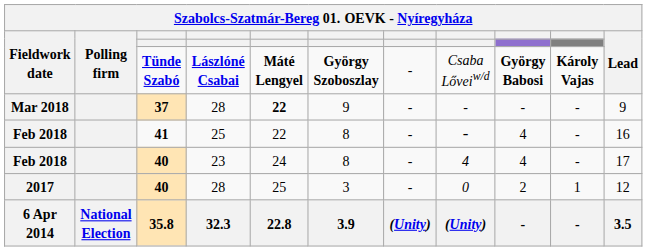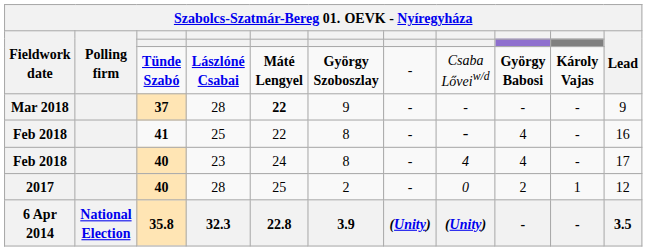 <table class="wikitable mw-collapsible mw-collapsed" style="text-align:center">
 <tr>
 <th colspan="11" style="width: 980pt;"><small><a href='#'>Szabolcs-Szatmár-Bereg</a> 01.</small> <small>OEVK - <a href='#'>Nyíregyháza</a></small></th>
 </tr>
 <tr>
 <th rowspan="3" style="width: 80pt;"><small>Fieldwork</small> <small>date</small></th>
 <th rowspan="3" style="width: 80pt;"><strong><small>Polling</small> <small>firm</small></strong></th>
 <th style="width: 100pt;"><small></small></th>
 <th style="width: 100pt;"><small> </small></th>
 <th style="width: 100pt;"></th>
 <th style="width: 100pt;"></th>
 <th style="width: 100pt;"></th>
 <th style="width: 100pt;"></th>
 <th style="width: 100pt;"></th>
 <th style="width: 100pt;"></th>
 <th rowspan="3" style="width: 20pt;"><small>Lead</small></th>
 </tr>
 <tr>
 <th style="color:inherit;background:"></th>
 <th style="color:inherit;background:"></th>
 <th style="color:inherit;background:"></th>
 <th style="color:inherit;background:"></th>
 <th style="color:inherit;background:"></th>
 <th style="color:inherit;background:"></th>
 <th style="color:inherit;background:#8E6FCE;"></th>
 <th style="color:inherit;background:#808080;"></th>
 </tr>
 <tr>
 <td><small><strong><a href='#'>Tünde Szabó</a></strong></small></td>
 <td><small><a href='#'><strong>Lászlóné Csabai</strong></a></small></td>
 <td><small><strong>Máté Lengyel</strong></small></td>
 <td><small><strong>György Szoboszlay</strong></small></td>
 <td><small>-</small></td>
 <td><small><em>Csaba Lővei<sup>w/d</sup></em></small></td>
 <td><small><strong>György Babosi</strong></small></td>
 <td><small><strong>Károly Vajas</strong></small></td>
 </tr>
 <tr>
 <th><small>Mar 2018</small></th>
 <th><small></small></th>
 <td style="background:#FFE5B4"><small><strong>37</strong></small></td>
 <td><small>28</small></td>
 <td><strong><small>22</small></strong></td>
 <td><small>9</small></td>
 <td><small>-</small></td>
 <td><small><em>-</em></small></td>
 <td><small>-</small></td>
 <td><small>-</small></td>
 <td style="background:"><small>9</small></td>
 </tr>
 <tr>
 <th><small>Feb 2018</small></th>
 <th><small> </small></th>
 <td><small><strong>41</strong></small></td>
 <td><small>25</small></td>
 <td><small>22</small></td>
 <td><small>8</small></td>
 <td><small>-</small></td>
 <td>-</td>
 <td><small>4</small></td>
 <td><small>-</small></td>
 <td><small>16</small></td>
 </tr>
 <tr>
 <th><small>Feb 2018</small></th>
 <th><small> </small></th>
 <td style="background:#FFE5B4"><small><strong>40</strong></small></td>
 <td><small>23</small></td>
 <td><small>24</small></td>
 <td><small>8</small></td>
 <td><small>-</small></td>
 <td><small><em>4</em></small></td>
 <td><small>4</small></td>
 <td><small>-</small></td>
 <td style="background:"><small>17</small></td>
 </tr>
 <tr>
 <th><small>2017</small></th>
 <th><small></small></th>
 <td style="background:#FFE5B4"><small><strong>40</strong></small></td>
 <td><small>28</small></td>
 <td><small>25</small></td>
-<td><small>3</small></td>
+<td><small>2</small></td>
 <td><small>-</small></td>
 <td><small><em>0</em></small></td>
 <td><small>2</small></td>
 <td><small>1</small></td>
 <td style="background:"><small>12</small></td>
 </tr>
 <tr>
 <th><small>6 Apr 2014</small></th>
 <th><a href='#'><small>National Election</small></a></th>
 <th style="background:#FFE5B4"><small><strong>35.8</strong></small></th>
 <th><small>32.3</small></th>
 <th><small>22.8</small></th>
 <th><small>3.9</small></th>
 <th><small><em>(<a href='#'>Unity</a>)</em></small></th>
 <th><small><em>(<a href='#'>Unity</a>)</em></small></th>
 <th><small>-</small></th>
 <th><small>-</small></th>
 <th style="background:"><small>3.5</small></th>
 </tr>
 </table>
